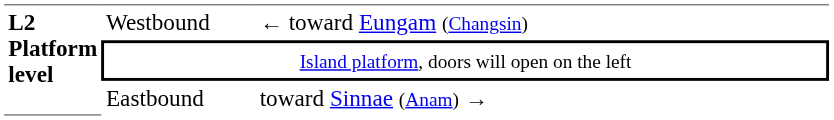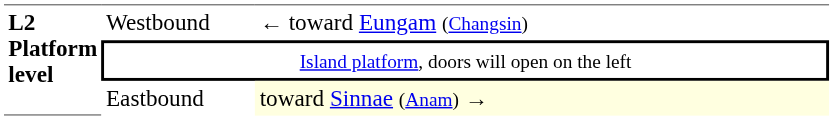 <table table border=0 cellspacing=0 cellpadding=3>
 <tr>
 <td style="border-top:solid 1px gray;border-bottom:solid 1px gray;" width=50 rowspan=10 valign=top><strong>L2<br>Platform level</strong></td>
 <td style="border-bottom:solid 0px gray;border-top:solid 1px gray;" width=100>Westbound</td>
 <td style="border-bottom:solid 0px gray;border-top:solid 1px gray;" width=390>←  toward <a href='#'>Eungam</a> <small>(<a href='#'>Changsin</a>)</small></td>
 </tr>
 <tr>
 <td style="border-top:solid 2px black;border-right:solid 2px black;border-left:solid 2px black;border-bottom:solid 2px black;text-align:center;" colspan=2><small><a href='#'>Island platform</a>, doors will open on the left </small></td>
 </tr>
 <tr>
 <td>Eastbound</td>
-<td>  toward <a href='#'>Sinnae</a> <small>(<a href='#'>Anam</a>)</small> →</td>
+<td style="background: lightyellow;">  toward <a href='#'>Sinnae</a> <small>(<a href='#'>Anam</a>)</small> →</td>
 </tr>
 </table>
